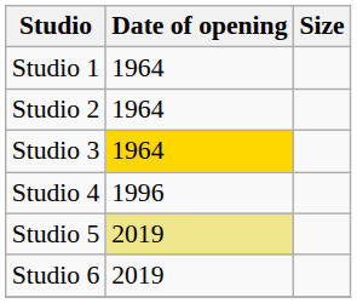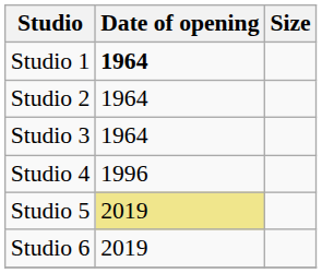 <table class="wikitable">
 <tr>
 <th>Studio</th>
 <th>Date of opening</th>
 <th>Size</th>
 </tr>
 <tr>
 <td>Studio 1</td>
-<td>1964</td>
+<td><strong>1964</strong></td>
 <td></td>
 </tr>
 <tr>
 <td>Studio 2</td>
 <td>1964</td>
 <td></td>
 </tr>
 <tr>
 <td>Studio 3</td>
-<td style="background: gold;">1964</td>
+<td>1964</td>
 <td></td>
 </tr>
 <tr>
 <td>Studio 4</td>
 <td>1996</td>
 <td></td>
 </tr>
 <tr>
 <td>Studio 5</td>
 <td style="background: khaki;">2019</td>
 <td></td>
 </tr>
 <tr>
 <td>Studio 6</td>
 <td>2019</td>
 <td></td>
 </tr>
 <tr>
 </tr>
 </table>
